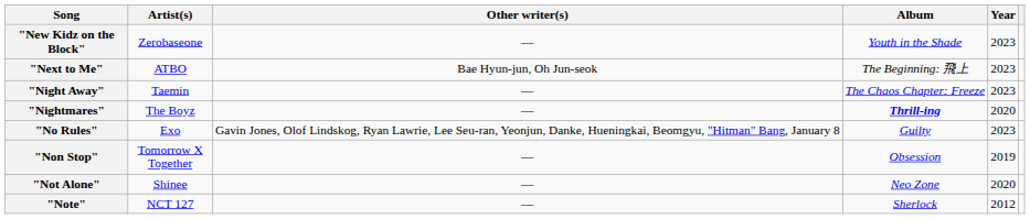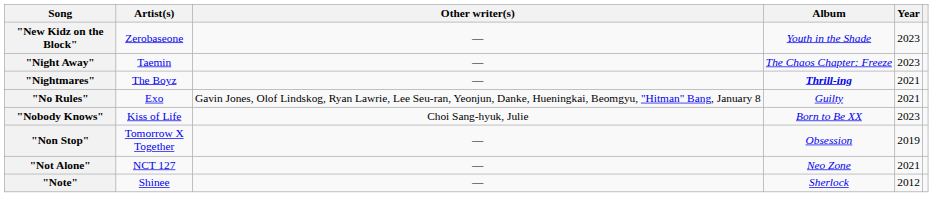 <table class="wikitable sortable plainrowheaders" style="text-align:center;">
 <tr>
 <th scope="col" width="150">Song</th>
 <th scope="col" width="100">Artist(s)</th>
 <th scope="col" class="unsortable">Other writer(s)</th>
 <th scope="col" data-sort-type="text">Album</th>
 <th scope="col">Year</th>
 <th scope="col" class="unsortable"></th>
 </tr>
 <tr>
 <th scope="row">"New Kidz on the Block"</th>
 <td><a href='#'>Zerobaseone</a></td>
 <td>—</td>
 <td><em><a href='#'>Youth in the Shade</a></em></td>
 <td>2023</td>
 <td style="text-align:center;"></td>
 </tr>
 <tr>
-<th scope="row">"Next to Me"</th>
-<td><a href='#'>ATBO</a></td>
-<td>Bae Hyun-jun, Oh Jun-seok</td>
-<td><em>The Beginning: 飛上</em></td>
-<td>2023</td>
-<td style="text-align:center;"></td>
-</tr>
-<tr>
 <th scope="row">"Night Away"</th>
 <td><a href='#'>Taemin</a></td>
 <td>—</td>
 <td><em><a href='#'>The Chaos Chapter: Freeze</a></em></td>
 <td>2023</td>
 <td style="text-align:center;"></td>
 </tr>
 <tr>
 <th scope="row">"Nightmares"</th>
 <td><a href='#'>The Boyz</a></td>
 <td>—</td>
 <td><strong><em><a href='#'>Thrill-ing</a></em></strong></td>
-<td>2020</td>
+<td>2021</td>
 <td style="text-align:center;"></td>
 </tr>
 <tr>
 <th scope="row">"No Rules"</th>
 <td><a href='#'>Exo</a></td>
 <td>Gavin Jones, Olof Lindskog, Ryan Lawrie, Lee Seu-ran, Yeonjun, Danke, Hueningkai, Beomgyu, <a href='#'>"Hitman" Bang</a>, January 8</td>
 <td><em><a href='#'>Guilty</a></em></td>
+<td>2021</td>
+<td style="text-align:center;"></td>
+</tr>
+<tr>
+<th scope="row">"Nobody Knows"</th>
+<td><a href='#'>Kiss of Life</a></td>
+<td>Choi Sang-hyuk, Julie</td>
+<td><em><a href='#'>Born to Be XX</a></em></td>
 <td>2023</td>
 <td style="text-align:center;"></td>
 </tr>
 <tr>
 <th scope="row">"Non Stop"</th>
 <td><a href='#'>Tomorrow X Together</a></td>
 <td>—</td>
 <td><em><a href='#'>Obsession</a></em></td>
 <td>2019</td>
 <td style="text-align:center;"></td>
 </tr>
 <tr>
 <th scope="row">"Not Alone"</th>
-<td><a href='#'>Shinee</a></td>
+<td><a href='#'>NCT 127</a></td>
 <td>—</td>
 <td><em><a href='#'>Neo Zone</a></em></td>
-<td>2020</td>
+<td>2021</td>
 <td style="text-align:center;"></td>
 </tr>
 <tr>
 <th scope="row">"Note"</th>
-<td><a href='#'>NCT 127</a></td>
+<td><a href='#'>Shinee</a></td>
 <td>—</td>
 <td><em><a href='#'>Sherlock</a></em></td>
 <td>2012</td>
 <td style="text-align:center;"></td>
 </tr>
 </table>
